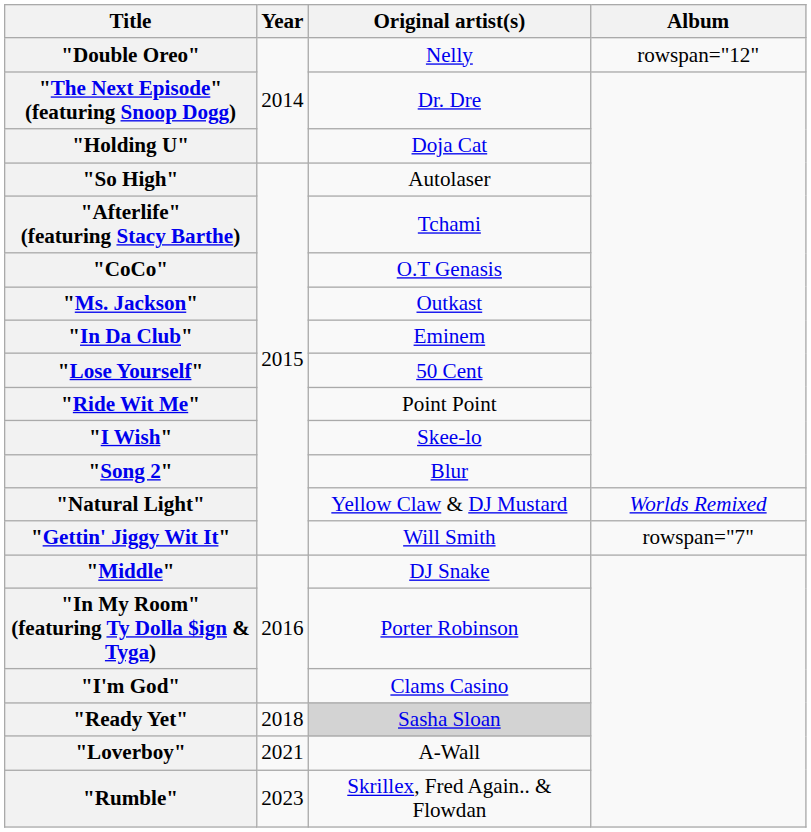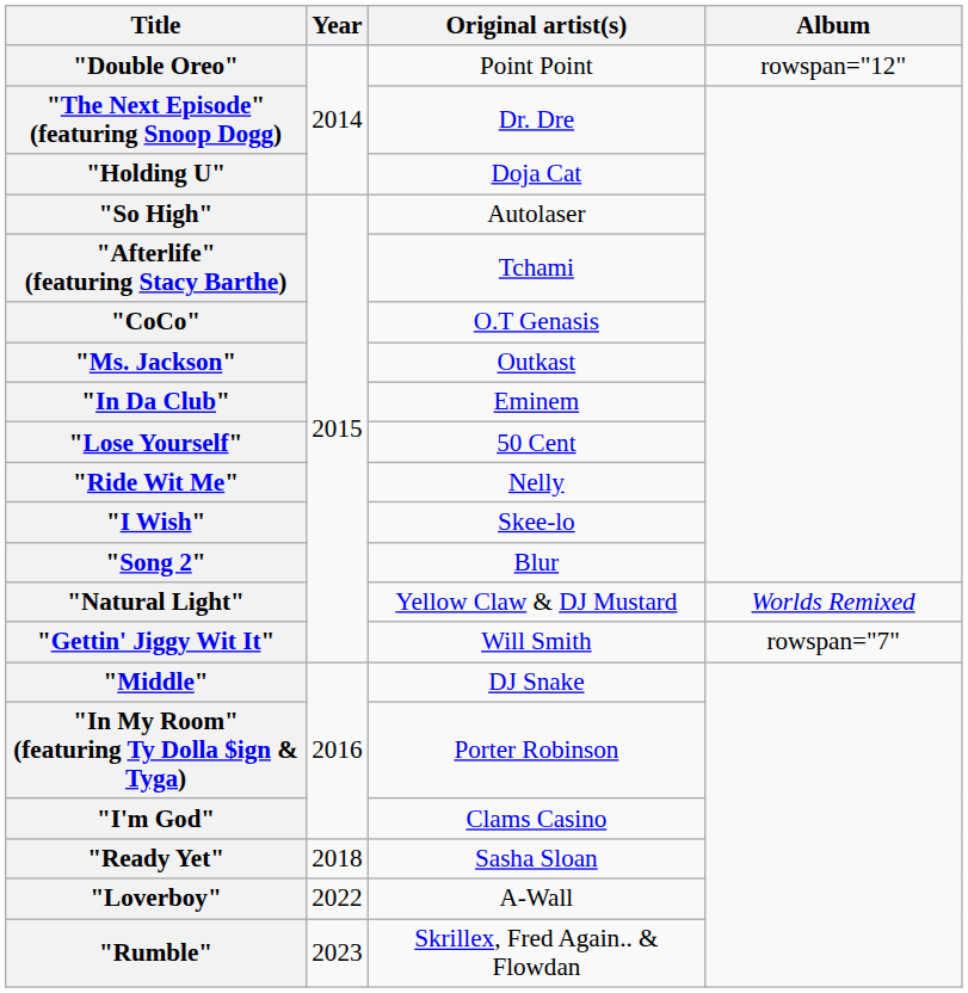 <table class="wikitable plainrowheaders" border="1" style="text-align:center;">
 <tr>
 <th scope="col" style="width:15em;">Title</th>
 <th scope="col" style="width:2em;">Year</th>
 <th scope="col" style="width:18em;">Original artist(s)</th>
 <th scope="col" style="width:12em;">Album</th>
 </tr>
 <tr>
 <th scope="row">"Double Oreo"</th>
 <td rowspan="3">2014</td>
-<td><a href='#'>Nelly</a></td>
+<td>Point Point</td>
 <td>rowspan="12" </td>
 </tr>
 <tr>
 <th scope="row">"<a href='#'>The Next Episode</a>"<br><span>(featuring <a href='#'>Snoop Dogg</a>)</span></th>
 <td><a href='#'>Dr. Dre</a></td>
 </tr>
 <tr>
 <th scope="row">"Holding U"</th>
 <td><a href='#'>Doja Cat</a></td>
 </tr>
 <tr>
 <th scope="row">"So High"</th>
 <td rowspan="11">2015</td>
 <td>Autolaser</td>
 </tr>
 <tr>
 <th scope="row">"Afterlife"<br><span>(featuring <a href='#'>Stacy Barthe</a>)</span></th>
 <td><a href='#'>Tchami</a></td>
 </tr>
 <tr>
 <th scope="row">"CoCo"</th>
 <td><a href='#'>O.T Genasis</a></td>
 </tr>
 <tr>
 <th scope="row">"<a href='#'>Ms. Jackson</a>"</th>
 <td><a href='#'>Outkast</a></td>
 </tr>
 <tr>
 <th scope="row">"<a href='#'>In Da Club</a>"</th>
 <td><a href='#'>Eminem</a></td>
 </tr>
 <tr>
 <th scope="row">"<a href='#'>Lose Yourself</a>"</th>
 <td><a href='#'>50 Cent</a></td>
 </tr>
 <tr>
 <th scope="row">"<a href='#'>Ride Wit Me</a>"</th>
-<td>Point Point</td>
+<td><a href='#'>Nelly</a></td>
 </tr>
 <tr>
 <th scope="row">"<a href='#'>I Wish</a>"</th>
 <td><a href='#'>Skee-lo</a></td>
 </tr>
 <tr>
 <th scope="row">"<a href='#'>Song 2</a>"</th>
 <td><a href='#'>Blur</a></td>
 </tr>
 <tr>
 <th scope="row">"Natural Light"</th>
 <td><a href='#'>Yellow Claw</a> & <a href='#'>DJ Mustard</a></td>
 <td rowspan="1"><em><a href='#'>Worlds Remixed</a></em></td>
 </tr>
 <tr>
 <th scope="row">"<a href='#'>Gettin' Jiggy Wit It</a>"</th>
 <td><a href='#'>Will Smith</a></td>
 <td>rowspan="7" </td>
 </tr>
 <tr>
 <th scope="row">"<a href='#'>Middle</a>"</th>
 <td rowspan="3">2016</td>
 <td><a href='#'>DJ Snake</a></td>
 </tr>
 <tr>
 <th scope="row">"In My Room"<br><span>(featuring <a href='#'>Ty Dolla $ign</a> & <a href='#'>Tyga</a>)</span></th>
 <td><a href='#'>Porter Robinson</a></td>
 </tr>
 <tr>
 <th scope="row">"I'm God"</th>
 <td><a href='#'>Clams Casino</a></td>
 </tr>
 <tr>
 <th scope="row">"Ready Yet"</th>
 <td>2018</td>
-<td style="background: lightgrey;"><a href='#'>Sasha Sloan</a></td>
+<td><a href='#'>Sasha Sloan</a></td>
 </tr>
 <tr>
 <th scope="row">"Loverboy"</th>
-<td>2021</td>
+<td>2022</td>
 <td>A-Wall</td>
 </tr>
 <tr>
 <th scope="row">"Rumble"</th>
 <td>2023</td>
 <td><a href='#'>Skrillex</a>, Fred Again.. & Flowdan</td>
 </tr>
 </table>
